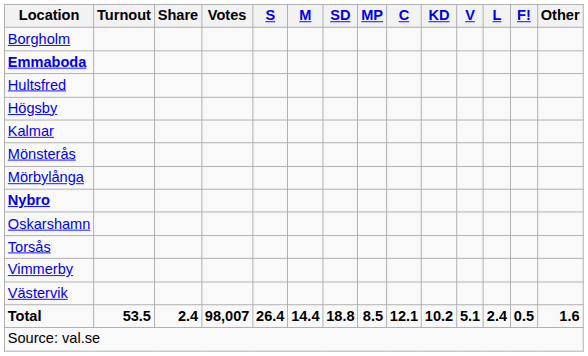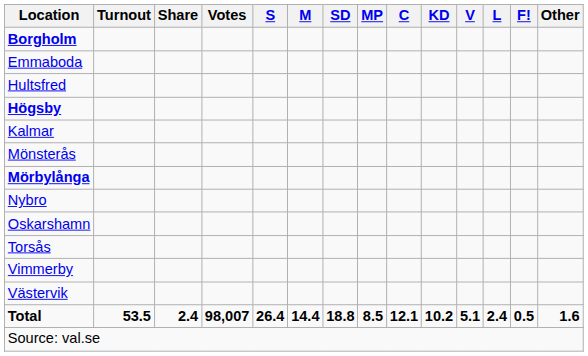 <table class="wikitable sortable" style=text-align:right>
 <tr>
 <th>Location</th>
 <th>Turnout</th>
 <th>Share</th>
 <th>Votes</th>
 <th><a href='#'>S</a></th>
 <th><a href='#'>M</a></th>
 <th><a href='#'>SD</a></th>
 <th><a href='#'>MP</a></th>
 <th><a href='#'>C</a></th>
 <th><a href='#'>KD</a></th>
 <th><a href='#'>V</a></th>
 <th><a href='#'>L</a></th>
 <th><a href='#'>F!</a></th>
 <th>Other</th>
 </tr>
 <tr>
-<td align=left><a href='#'>Borgholm</a></td>
+<td align=left><strong><a href='#'>Borgholm</a></strong></td>
 <td></td>
 <td></td>
 <td></td>
 <td></td>
 <td></td>
 <td></td>
 <td></td>
 <td></td>
 <td></td>
 <td></td>
 <td></td>
 <td></td>
 <td></td>
 </tr>
 <tr>
-<td align=left><strong><a href='#'>Emmaboda</a></strong></td>
+<td align=left><a href='#'>Emmaboda</a></td>
 <td></td>
 <td></td>
 <td></td>
 <td></td>
 <td></td>
 <td></td>
 <td></td>
 <td></td>
 <td></td>
 <td></td>
 <td></td>
 <td></td>
 <td></td>
 </tr>
 <tr>
 <td align=left><a href='#'>Hultsfred</a></td>
 <td></td>
 <td></td>
 <td></td>
 <td></td>
 <td></td>
 <td></td>
 <td></td>
 <td></td>
 <td></td>
 <td></td>
 <td></td>
 <td></td>
 <td></td>
 </tr>
 <tr>
-<td align=left><a href='#'>Högsby</a></td>
+<td align=left><strong><a href='#'>Högsby</a></strong></td>
 <td></td>
 <td></td>
 <td></td>
 <td></td>
 <td></td>
 <td></td>
 <td></td>
 <td></td>
 <td></td>
 <td></td>
 <td></td>
 <td></td>
 <td></td>
 </tr>
 <tr>
 <td align=left><a href='#'>Kalmar</a></td>
 <td></td>
 <td></td>
 <td></td>
 <td></td>
 <td></td>
 <td></td>
 <td></td>
 <td></td>
 <td></td>
 <td></td>
 <td></td>
 <td></td>
 <td></td>
 </tr>
 <tr>
 <td align=left><a href='#'>Mönsterås</a></td>
 <td></td>
 <td></td>
 <td></td>
 <td></td>
 <td></td>
 <td></td>
 <td></td>
 <td></td>
 <td></td>
 <td></td>
 <td></td>
 <td></td>
 <td></td>
 </tr>
 <tr>
-<td align=left><a href='#'>Mörbylånga</a></td>
+<td align=left><strong><a href='#'>Mörbylånga</a></strong></td>
 <td></td>
 <td></td>
 <td></td>
 <td></td>
 <td></td>
 <td></td>
 <td></td>
 <td></td>
 <td></td>
 <td></td>
 <td></td>
 <td></td>
 <td></td>
 </tr>
 <tr>
-<td align=left><strong><a href='#'>Nybro</a></strong></td>
+<td align=left><a href='#'>Nybro</a></td>
 <td></td>
 <td></td>
 <td></td>
 <td></td>
 <td></td>
 <td></td>
 <td></td>
 <td></td>
 <td></td>
 <td></td>
 <td></td>
 <td></td>
 <td></td>
 </tr>
 <tr>
 <td align=left><a href='#'>Oskarshamn</a></td>
 <td></td>
 <td></td>
 <td></td>
 <td></td>
 <td></td>
 <td></td>
 <td></td>
 <td></td>
 <td></td>
 <td></td>
 <td></td>
 <td></td>
 <td></td>
 </tr>
 <tr>
 <td align=left><a href='#'>Torsås</a></td>
 <td></td>
 <td></td>
 <td></td>
 <td></td>
 <td></td>
 <td></td>
 <td></td>
 <td></td>
 <td></td>
 <td></td>
 <td></td>
 <td></td>
 <td></td>
 </tr>
 <tr>
 <td align=left><a href='#'>Vimmerby</a></td>
 <td></td>
 <td></td>
 <td></td>
 <td></td>
 <td></td>
 <td></td>
 <td></td>
 <td></td>
 <td></td>
 <td></td>
 <td></td>
 <td></td>
 <td></td>
 </tr>
 <tr>
 <td align=left><a href='#'>Västervik</a></td>
 <td></td>
 <td></td>
 <td></td>
 <td></td>
 <td></td>
 <td></td>
 <td></td>
 <td></td>
 <td></td>
 <td></td>
 <td></td>
 <td></td>
 <td></td>
 </tr>
 <tr>
 <td align=left><strong>Total</strong></td>
 <td><strong>53.5</strong></td>
 <td><strong>2.4</strong></td>
 <td><strong>98,007</strong></td>
 <td><strong>26.4</strong></td>
 <td><strong>14.4</strong></td>
 <td><strong>18.8</strong></td>
 <td><strong>8.5</strong></td>
 <td><strong>12.1</strong></td>
 <td><strong>10.2</strong></td>
 <td><strong>5.1</strong></td>
 <td><strong>2.4</strong></td>
 <td><strong>0.5</strong></td>
 <td><strong>1.6</strong></td>
 </tr>
 <tr>
 <td align=left colspan=14>Source: val.se </td>
 </tr>
 </table>
